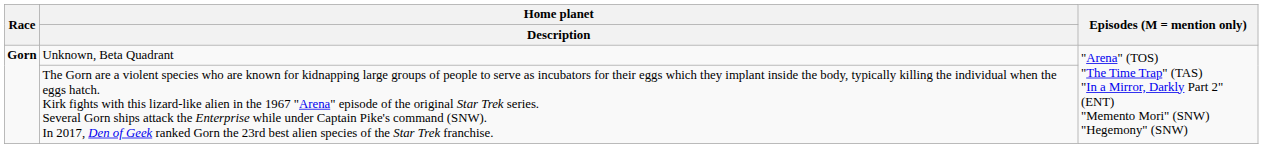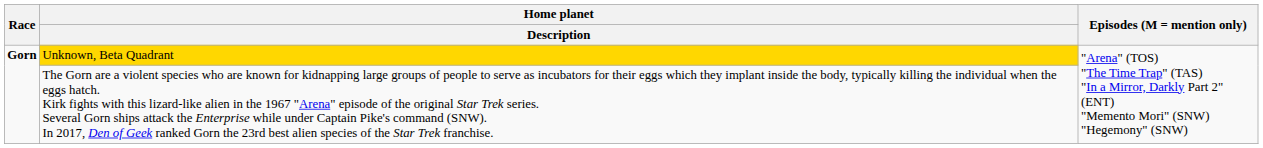 <table class="wikitable">
 <tr>
 <th rowspan="2">Race</th>
 <th>Home planet</th>
 <th rowspan="2">Episodes (M = mention only)</th>
 </tr>
 <tr>
 <th>Description</th>
 </tr>
 <tr>
 <td rowspan="2" style="vertical-align: top;"><strong>Gorn</strong> </td>
-<td>Unknown, Beta Quadrant</td>
+<td style="background: gold;">Unknown, Beta Quadrant</td>
 <td rowspan="2">"<a href='#'>Arena</a>" (TOS)<br>"<a href='#'>The Time Trap</a>" (TAS)<br>"<a href='#'>In a Mirror, Darkly</a> Part 2" (ENT)<br> "Memento Mori" (SNW)<br>"Hegemony" (SNW)</td>
 </tr>
 <tr>
 <td>The Gorn are a violent species who are known for kidnapping large groups of people to serve as incubators for their eggs which they implant inside the body, typically killing the individual when the eggs hatch.<br>Kirk fights with this lizard-like alien in the 1967 "<a href='#'>Arena</a>" episode of the original <em>Star Trek</em> series.<br>Several Gorn ships attack the <em>Enterprise</em> while under Captain Pike's command (SNW).<br>In 2017, <em><a href='#'>Den of Geek</a></em> ranked Gorn the 23rd best alien species of the <em>Star Trek</em> franchise.</td>
 </tr>
 </table>
